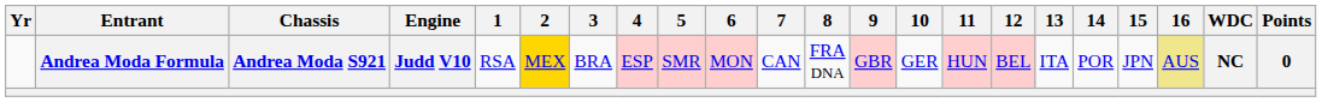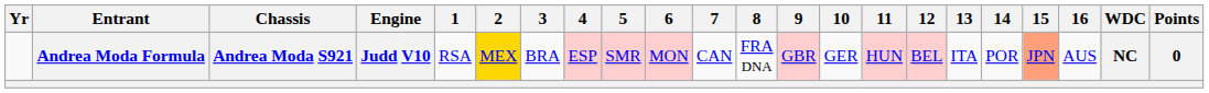 <table class="wikitable" style="text-align:center; font-size:85%">
 <tr>
 <th>Yr</th>
 <th>Entrant</th>
 <th>Chassis</th>
 <th>Engine</th>
 <th>1</th>
 <th>2</th>
 <th>3</th>
 <th>4</th>
 <th>5</th>
 <th>6</th>
 <th>7</th>
 <th>8</th>
 <th>9</th>
 <th>10</th>
 <th>11</th>
 <th>12</th>
 <th>13</th>
 <th>14</th>
 <th>15</th>
 <th>16</th>
 <th>WDC</th>
 <th>Points</th>
 </tr>
 <tr>
 <td></td>
 <th nowrap><a href='#'>Andrea Moda Formula</a></th>
 <th nowrap><a href='#'>Andrea Moda</a> <a href='#'>S921</a></th>
 <th nowrap><a href='#'>Judd</a> <a href='#'>V10</a></th>
 <td><a href='#'>RSA</a></td>
 <td style="background: gold;"><a href='#'>MEX</a></td>
 <td><a href='#'>BRA</a><br></td>
 <td style="background:#FFCFCF;"><a href='#'>ESP</a><br></td>
 <td style="background:#FFCFCF;"><a href='#'>SMR</a><br></td>
 <td style="background:#FFCFCF;"><a href='#'>MON</a><br></td>
 <td><a href='#'>CAN</a><br></td>
 <td><a href='#'>FRA</a><br><small>DNA</small></td>
 <td style="background:#FFCFCF;"><a href='#'>GBR</a><br></td>
 <td><a href='#'>GER</a><br></td>
 <td style="background:#FFCFCF;"><a href='#'>HUN</a><br></td>
 <td style="background:#FFCFCF;"><a href='#'>BEL</a><br></td>
 <td><a href='#'>ITA</a><br></td>
 <td><a href='#'>POR</a></td>
-<td><a href='#'>JPN</a></td>
-<td style="background: khaki;"><a href='#'>AUS</a></td>
+<td style="background: lightsalmon;"><a href='#'>JPN</a></td>
+<td><a href='#'>AUS</a></td>
 <th>NC</th>
 <th>0</th>
 </tr>
 <tr>
 <th colspan="22"></th>
 </tr>
 </table>
